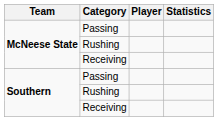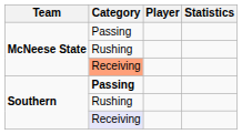 <table class="wikitable" style="float: left;">
 <tr>
 <th>Team</th>
 <th>Category</th>
 <th>Player</th>
 <th>Statistics</th>
 </tr>
 <tr>
 <td rowspan=3><strong>McNeese State</strong></td>
 <td>Passing</td>
 <td> </td>
 <td> </td>
 </tr>
 <tr>
 <td>Rushing</td>
 <td> </td>
 <td> </td>
 </tr>
 <tr>
-<td>Receiving</td>
+<td style="background: lightsalmon;">Receiving</td>
 <td> </td>
 <td> </td>
 </tr>
 <tr>
 <td rowspan=3><strong>Southern</strong></td>
-<td>Passing</td>
+<td><strong>Passing</strong></td>
 <td> </td>
 <td> </td>
 </tr>
 <tr>
 <td>Rushing</td>
 <td> </td>
 <td> </td>
 </tr>
 <tr>
-<td>Receiving</td>
+<td style="background: lavender;">Receiving</td>
 <td> </td>
 <td> </td>
 </tr>
 </table>
